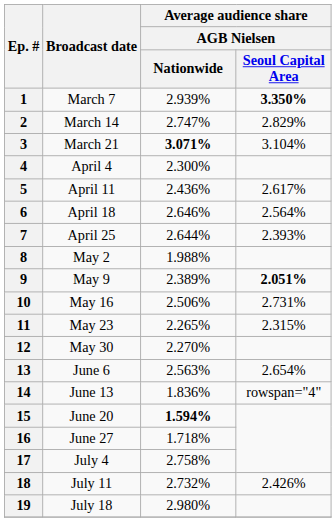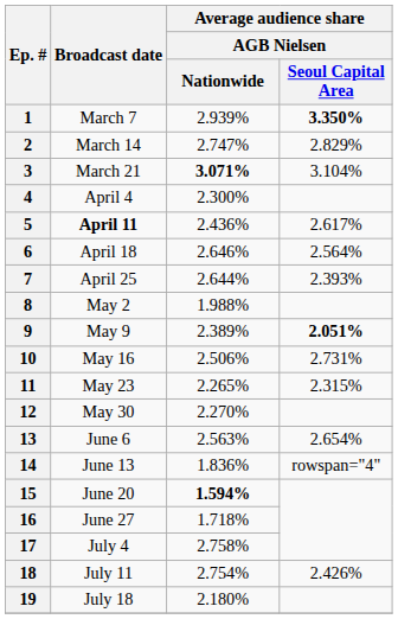 <table class="wikitable" style="text-align:center">
 <tr>
 <th rowspan="3">Ep. #</th>
 <th rowspan="3">Broadcast date</th>
 <th colspan="2">Average audience share</th>
 </tr>
 <tr>
 <th colspan="2">AGB Nielsen</th>
 </tr>
 <tr>
 <th width=100>Nationwide</th>
 <th width=100><a href='#'>Seoul Capital Area</a></th>
 </tr>
 <tr>
 <th>1</th>
 <td>March 7</td>
 <td>2.939%</td>
 <td><span><strong>3.350%</strong></span></td>
 </tr>
 <tr>
 <th>2</th>
 <td>March 14</td>
 <td>2.747%</td>
 <td>2.829%</td>
 </tr>
 <tr>
 <th>3</th>
 <td>March 21</td>
 <td><span><strong>3.071%</strong></span></td>
 <td>3.104%</td>
 </tr>
 <tr>
 <th>4</th>
 <td>April 4</td>
 <td>2.300%</td>
 <td></td>
 </tr>
 <tr>
 <th>5</th>
-<td>April 11</td>
+<td><strong>April 11</strong></td>
 <td>2.436%</td>
 <td>2.617%</td>
 </tr>
 <tr>
 <th>6</th>
 <td>April 18</td>
 <td>2.646%</td>
 <td>2.564%</td>
 </tr>
 <tr>
 <th>7</th>
 <td>April 25</td>
 <td>2.644%</td>
 <td>2.393%</td>
 </tr>
 <tr>
 <th>8</th>
 <td>May 2</td>
 <td>1.988%</td>
 <td></td>
 </tr>
 <tr>
 <th>9</th>
 <td>May 9</td>
 <td>2.389%</td>
 <td><span><strong>2.051%</strong></span></td>
 </tr>
 <tr>
 <th>10</th>
 <td>May 16</td>
 <td>2.506%</td>
 <td>2.731%</td>
 </tr>
 <tr>
 <th>11</th>
 <td>May 23</td>
 <td>2.265%</td>
 <td>2.315%</td>
 </tr>
 <tr>
 <th>12</th>
 <td>May 30</td>
 <td>2.270%</td>
 <td></td>
 </tr>
 <tr>
 <th>13</th>
 <td>June 6</td>
 <td>2.563%</td>
 <td>2.654%</td>
 </tr>
 <tr>
 <th>14</th>
 <td>June 13</td>
 <td>1.836%</td>
 <td>rowspan="4" </td>
 </tr>
 <tr>
 <th>15</th>
 <td>June 20</td>
 <td><span><strong>1.594%</strong></span></td>
 </tr>
 <tr>
 <th>16</th>
 <td>June 27</td>
 <td>1.718%</td>
 </tr>
 <tr>
 <th>17</th>
 <td>July 4</td>
 <td>2.758%</td>
 </tr>
 <tr>
 <th>18</th>
 <td>July 11</td>
-<td>2.732%</td>
+<td>2.754%</td>
 <td>2.426%</td>
 </tr>
 <tr>
 <th>19</th>
 <td>July 18</td>
-<td>2.980%</td>
+<td>2.180%</td>
 <td></td>
 </tr>
 <tr>
 </tr>
 </table>
